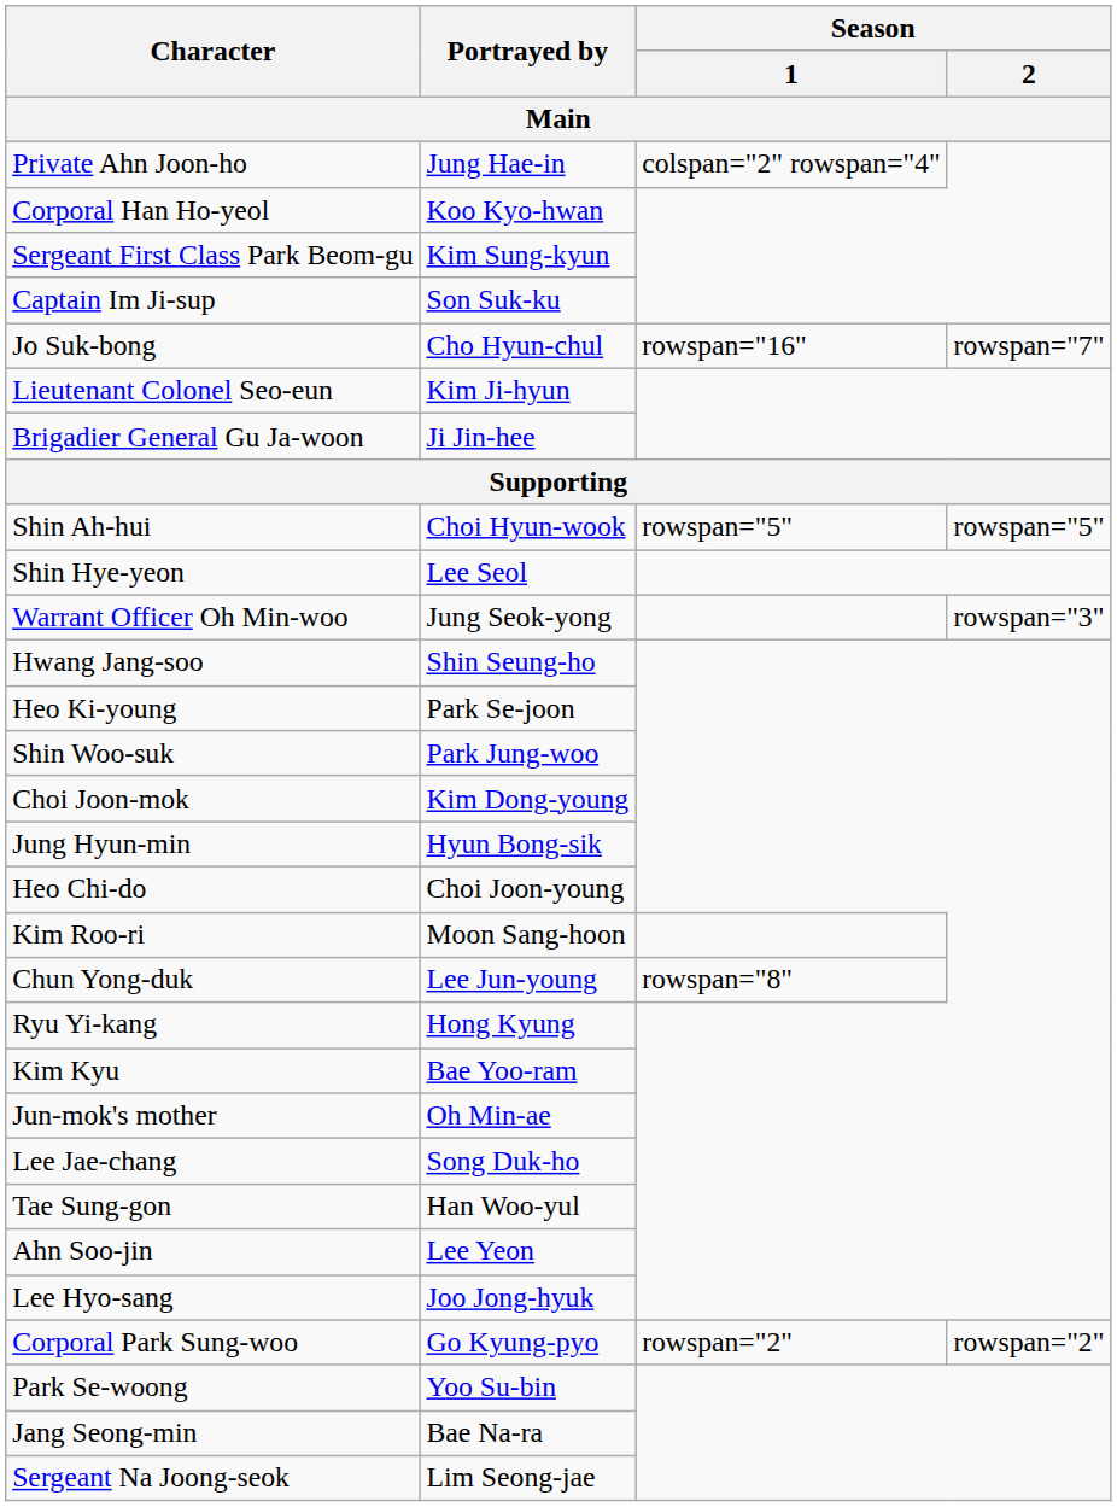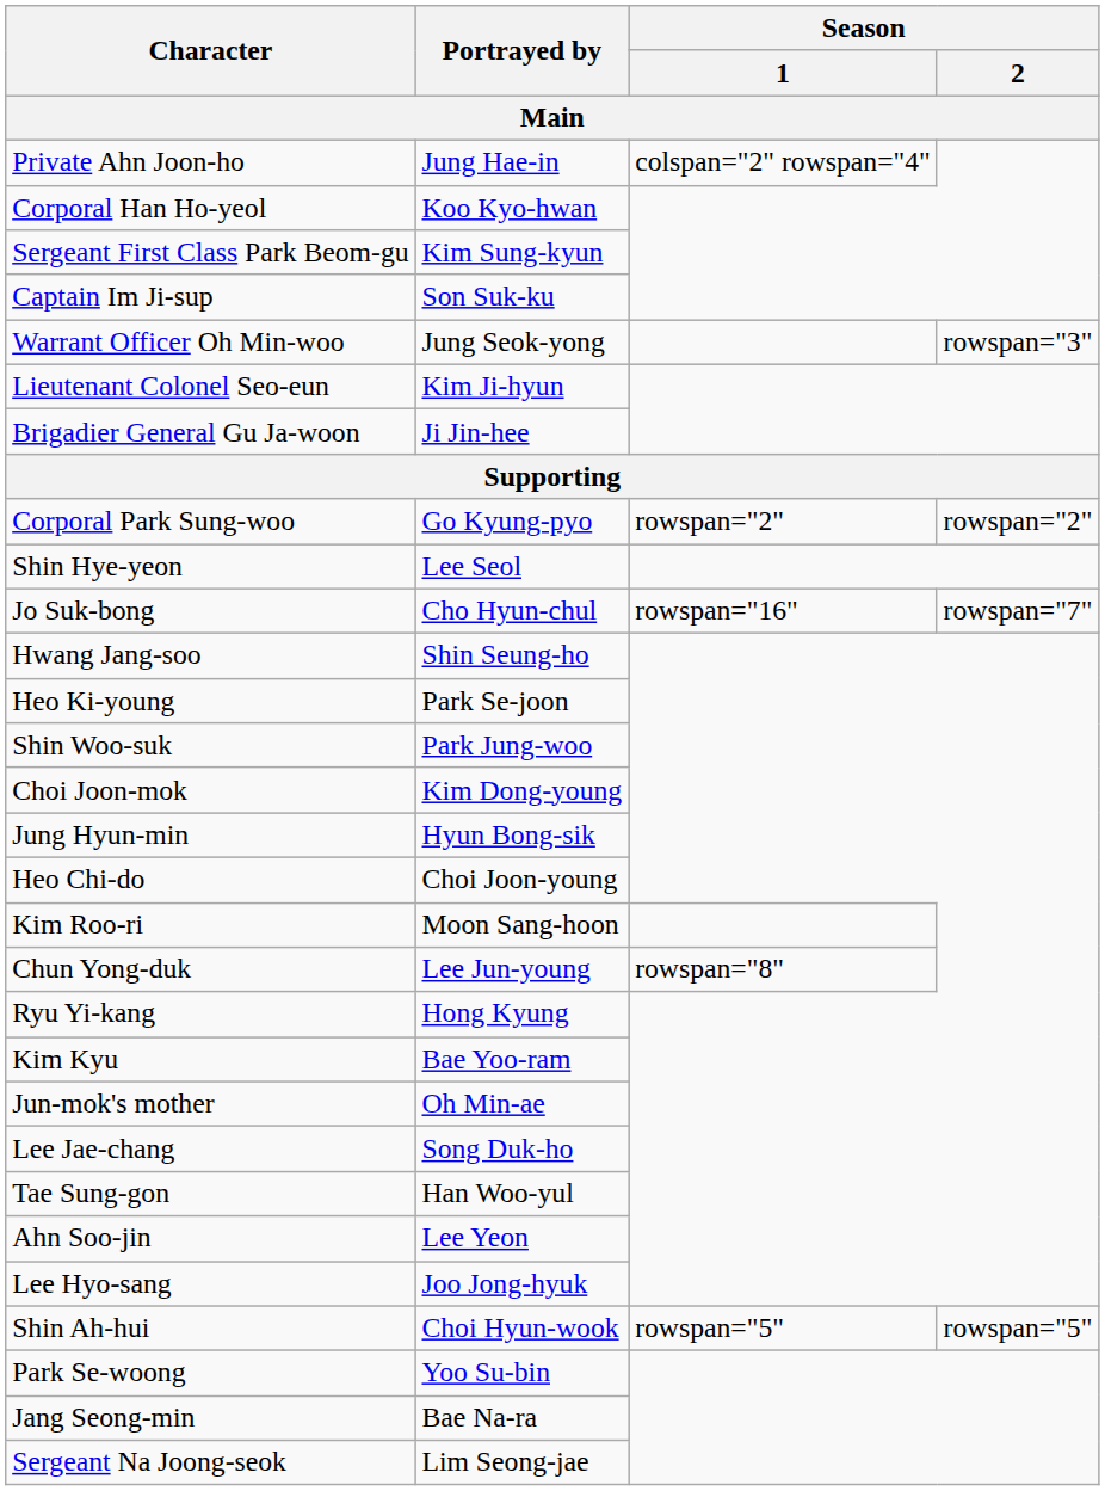 <table class="wikitable">
 <tr>
 <th rowspan="2" scope="col">Character</th>
 <th rowspan="2" scope="col">Portrayed by</th>
 <th colspan="2" scope="col">Season</th>
 </tr>
 <tr>
 <th scope="col">1</th>
 <th scope="col">2</th>
 </tr>
 <tr>
 <th colspan="4" scope="col">Main</th>
 </tr>
 <tr>
 <td><a href='#'>Private</a> Ahn Joon-ho</td>
 <td><a href='#'>Jung Hae-in</a></td>
 <td>colspan="2" rowspan="4" </td>
 </tr>
 <tr>
 <td><a href='#'>Corporal</a> Han Ho-yeol</td>
 <td><a href='#'>Koo Kyo-hwan</a></td>
 </tr>
 <tr>
 <td><a href='#'>Sergeant First Class</a> Park Beom-gu</td>
 <td><a href='#'>Kim Sung-kyun</a></td>
 </tr>
 <tr>
 <td><a href='#'>Captain</a> Im Ji-sup</td>
 <td><a href='#'>Son Suk-ku</a></td>
 </tr>
 <tr>
-<td>Jo Suk-bong</td>
-<td><a href='#'>Cho Hyun-chul</a></td>
-<td>rowspan="16" </td>
-<td>rowspan="7" </td>
+<td><a href='#'>Warrant Officer</a> Oh Min-woo</td>
+<td>Jung Seok-yong</td>
+<td></td>
+<td>rowspan="3" </td>
 </tr>
 <tr>
 <td><a href='#'>Lieutenant Colonel</a> Seo-eun</td>
 <td><a href='#'>Kim Ji-hyun</a></td>
 </tr>
 <tr>
 <td><a href='#'>Brigadier General</a> Gu Ja-woon</td>
 <td><a href='#'>Ji Jin-hee</a></td>
 </tr>
 <tr>
 <th colspan="4">Supporting</th>
 </tr>
 <tr>
-<td>Shin Ah-hui</td>
-<td><a href='#'>Choi Hyun-wook</a></td>
-<td>rowspan="5" </td>
-<td>rowspan="5" </td>
+<td><a href='#'>Corporal</a> Park Sung-woo</td>
+<td><a href='#'>Go Kyung-pyo</a></td>
+<td>rowspan="2" </td>
+<td>rowspan="2" </td>
 </tr>
 <tr>
 <td>Shin Hye-yeon</td>
 <td><a href='#'>Lee Seol</a></td>
 </tr>
 <tr>
-<td><a href='#'>Warrant Officer</a> Oh Min-woo</td>
-<td>Jung Seok-yong</td>
-<td></td>
-<td>rowspan="3" </td>
+<td>Jo Suk-bong</td>
+<td><a href='#'>Cho Hyun-chul</a></td>
+<td>rowspan="16" </td>
+<td>rowspan="7" </td>
 </tr>
 <tr>
 <td>Hwang Jang-soo</td>
 <td><a href='#'>Shin Seung-ho</a></td>
 </tr>
 <tr>
 <td>Heo Ki-young</td>
 <td>Park Se-joon</td>
 </tr>
 <tr>
 <td>Shin Woo-suk</td>
 <td><a href='#'>Park Jung-woo</a></td>
 </tr>
 <tr>
 <td>Choi Joon-mok</td>
 <td><a href='#'>Kim Dong-young</a></td>
 </tr>
 <tr>
 <td>Jung Hyun-min</td>
 <td><a href='#'>Hyun Bong-sik</a></td>
 </tr>
 <tr>
 <td>Heo Chi-do</td>
 <td>Choi Joon-young</td>
 </tr>
 <tr>
 <td>Kim Roo-ri</td>
 <td>Moon Sang-hoon</td>
 <td></td>
 </tr>
 <tr>
 <td>Chun Yong-duk</td>
 <td><a href='#'>Lee Jun-young</a></td>
 <td>rowspan="8" </td>
 </tr>
 <tr>
 <td>Ryu Yi-kang</td>
 <td><a href='#'>Hong Kyung</a></td>
 </tr>
 <tr>
 <td>Kim Kyu</td>
 <td><a href='#'>Bae Yoo-ram</a></td>
 </tr>
 <tr>
 <td>Jun-mok's mother</td>
 <td><a href='#'>Oh Min-ae</a></td>
 </tr>
 <tr>
 <td>Lee Jae-chang</td>
 <td><a href='#'>Song Duk-ho</a></td>
 </tr>
 <tr>
 <td>Tae Sung-gon</td>
 <td>Han Woo-yul</td>
 </tr>
 <tr>
 <td>Ahn Soo-jin</td>
 <td><a href='#'>Lee Yeon</a></td>
 </tr>
 <tr>
 <td>Lee Hyo-sang</td>
 <td><a href='#'>Joo Jong-hyuk</a></td>
 </tr>
 <tr>
-<td><a href='#'>Corporal</a> Park Sung-woo</td>
-<td><a href='#'>Go Kyung-pyo</a></td>
-<td>rowspan="2" </td>
-<td>rowspan="2" </td>
+<td>Shin Ah-hui</td>
+<td><a href='#'>Choi Hyun-wook</a></td>
+<td>rowspan="5" </td>
+<td>rowspan="5" </td>
 </tr>
 <tr>
 <td>Park Se-woong</td>
 <td><a href='#'>Yoo Su-bin</a></td>
 </tr>
 <tr>
 <td>Jang Seong-min</td>
 <td>Bae Na-ra</td>
 </tr>
 <tr>
 <td><a href='#'>Sergeant</a> Na Joong-seok</td>
 <td>Lim Seong-jae</td>
 </tr>
 </table>
